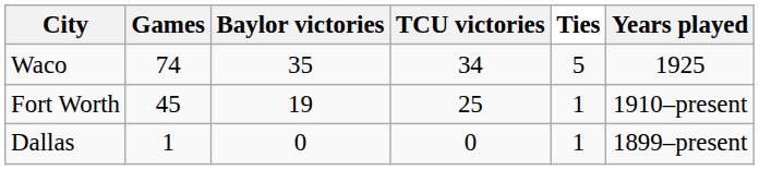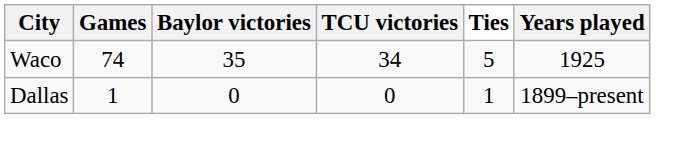 <table class="wikitable sortable">
 <tr>
 <th>City</th>
 <th>Games</th>
 <th>Baylor victories</th>
 <th>TCU victories</th>
 <th style="text-align:center; background:white; color:black;">Ties</th>
 <th>Years played</th>
 </tr>
 <tr>
 <td>Waco</td>
 <td style="text-align:center;">74</td>
 <td style="text-align:center;">35</td>
 <td style="text-align:center;">34</td>
 <td style="text-align:center;">5</td>
 <td style="text-align:center;">1925</td>
 </tr>
 <tr>
-<td>Fort Worth</td>
-<td style="text-align:center;">45</td>
-<td style="text-align:center;">19</td>
-<td style="text-align:center;">25</td>
-<td style="text-align:center;">1</td>
-<td style="text-align:center;">1910–present</td>
-</tr>
-<tr>
 <td>Dallas</td>
 <td style="text-align:center;">1</td>
 <td style="text-align:center;">0</td>
 <td style="text-align:center;">0</td>
 <td style="text-align:center;">1</td>
 <td style="text-align:center;">1899–present</td>
 </tr>
 </table>
